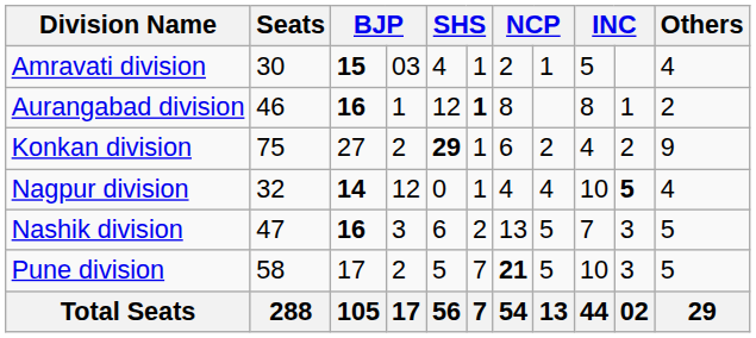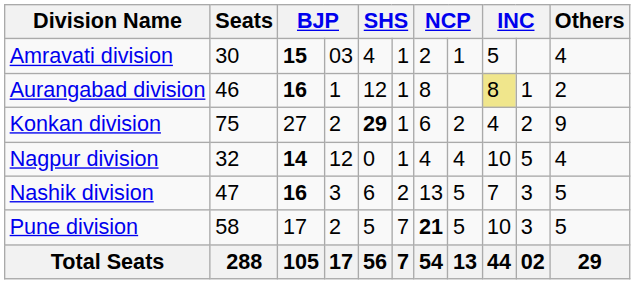 <table class="wikitable">
 <tr>
 <th>Division Name</th>
 <th>Seats</th>
 <th colspan="2"><a href='#'>BJP</a></th>
 <th colspan="2"><a href='#'>SHS</a></th>
 <th colspan="2"><a href='#'>NCP</a></th>
 <th colspan="2"><a href='#'>INC</a></th>
 <th>Others</th>
 </tr>
 <tr>
 <td><a href='#'>Amravati division</a></td>
 <td>30</td>
 <td><strong>15</strong></td>
 <td> 03</td>
 <td>4</td>
 <td> 1</td>
 <td>2</td>
 <td> 1</td>
 <td>5</td>
 <td></td>
 <td>4</td>
 </tr>
 <tr>
 <td><a href='#'>Aurangabad division</a></td>
 <td>46</td>
 <td><strong>16</strong></td>
 <td> 1</td>
 <td>12</td>
-<td><strong> 1</strong></td>
+<td> 1</td>
 <td>8</td>
 <td></td>
-<td>8</td>
+<td style="background: khaki;">8</td>
 <td> 1</td>
 <td>2</td>
 </tr>
 <tr>
 <td><a href='#'>Konkan division</a></td>
 <td>75</td>
 <td>27</td>
 <td> 2</td>
 <td><strong>29</strong></td>
 <td> 1</td>
 <td>6</td>
 <td> 2</td>
 <td>4</td>
 <td> 2</td>
 <td>9</td>
 </tr>
 <tr>
 <td><a href='#'>Nagpur division</a></td>
 <td>32</td>
 <td><strong>14</strong></td>
 <td> 12</td>
 <td>0</td>
 <td> 1</td>
 <td>4</td>
 <td> 4</td>
 <td>10</td>
-<td><strong> 5</strong></td>
+<td> 5</td>
 <td>4</td>
 </tr>
 <tr>
 <td><a href='#'>Nashik division</a></td>
 <td>47</td>
 <td><strong>16</strong></td>
 <td> 3</td>
 <td>6</td>
 <td> 2</td>
 <td>13</td>
 <td> 5</td>
 <td>7</td>
 <td> 3</td>
 <td>5</td>
 </tr>
 <tr>
 <td><a href='#'>Pune division</a></td>
 <td>58</td>
 <td>17</td>
 <td> 2</td>
 <td>5</td>
 <td> 7</td>
 <td><strong>21</strong></td>
 <td> 5</td>
 <td>10</td>
 <td> 3</td>
 <td>5</td>
 </tr>
 <tr>
 <th>Total Seats</th>
 <th>288</th>
 <th>105</th>
 <th> 17</th>
 <th>56</th>
 <th> 7</th>
 <th>54</th>
 <th> 13</th>
 <th>44</th>
 <th> 02</th>
 <th>29</th>
 </tr>
 </table>
